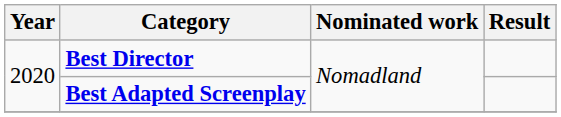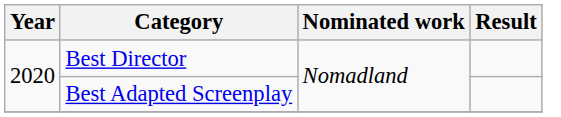 <table class="wikitable">
 <tr>
 <th>Year</th>
 <th>Category</th>
 <th>Nominated work</th>
 <th>Result</th>
 </tr>
 <tr>
 <td rowspan="2">2020</td>
-<td><strong><a href='#'>Best Director</a></strong></td>
+<td><a href='#'>Best Director</a></td>
 <td rowspan=2><em>Nomadland</em></td>
 <td></td>
 </tr>
 <tr>
-<td><strong><a href='#'>Best Adapted Screenplay</a></strong></td>
+<td><a href='#'>Best Adapted Screenplay</a></td>
 <td></td>
 </tr>
 <tr>
 </tr>
 </table>
